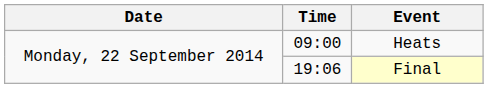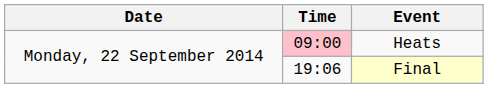 <table class = "wikitable" style="text-align:center;">
 <tr>
 <th width=220>Date</th>
 <th width=50>Time</th>
 <th width=100>Event</th>
 </tr>
 <tr>
 <td rowspan=2>Monday, 22 September 2014</td>
-<td>09:00</td>
+<td style="background: pink;">09:00</td>
 <td>Heats</td>
 </tr>
 <tr>
 <td>19:06</td>
 <td bgcolor=ffffcc>Final</td>
 </tr>
 </table>
